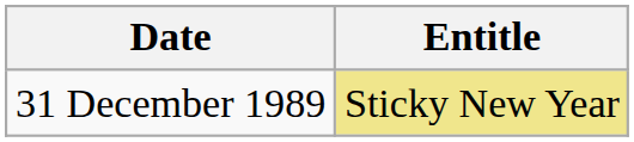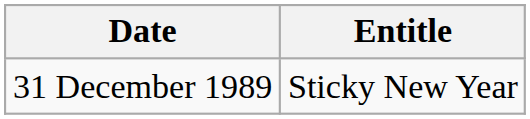 <table class="wikitable" style="text-align:center;">
 <tr>
 <th>Date</th>
 <th>Entitle</th>
 </tr>
 <tr>
 <td>31 December 1989</td>
-<td style="background: khaki;">Sticky New Year</td>
+<td>Sticky New Year</td>
 </tr>
 </table>
